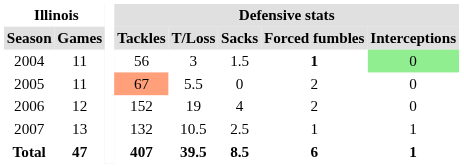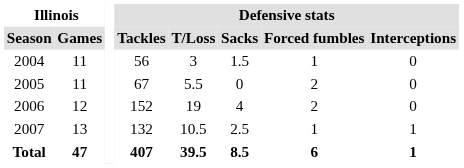 <table BORDER="0" CELLPADDING="3" CELLSPACING="0" ID="Table3" border="2">
 <tr ALIGN="center" bgcolor="#e0e0e0">
 <th ALIGN="center" colspan="2" bgcolor="#ffffff"> Illinois</th>
 <th ALIGN="center" rowspan="99" bgcolor="#ffffff"> </th>
 <th ALIGN="center" colspan="5">Defensive stats</th>
 </tr>
 <tr ALIGN="center" bgcolor="#e0e0e0">
 <th ALIGN="center">Season</th>
 <th ALIGN="center">Games</th>
 <th ALIGN="center">Tackles</th>
 <th ALIGN="center">T/Loss</th>
 <th ALIGN="center">Sacks</th>
 <th ALIGN="center">Forced fumbles</th>
 <th ALIGN="center">Interceptions</th>
 </tr>
 <tr ALIGN="center">
 <td ALIGN="center">2004</td>
 <td ALIGN="center">11</td>
 <td ALIGN="center">56</td>
 <td ALIGN="center">3</td>
 <td ALIGN="center">1.5</td>
-<td ALIGN="center"><strong>1</strong></td>
-<td ALIGN="center" style="background: lightgreen;">0</td>
+<td ALIGN="center">1</td>
+<td ALIGN="center">0</td>
 </tr>
 <tr ALIGN="center">
 <td ALIGN="center">2005</td>
 <td ALIGN="center">11</td>
-<td ALIGN="center" style="background: lightsalmon;">67</td>
+<td ALIGN="center">67</td>
 <td ALIGN="center">5.5</td>
 <td ALIGN="center">0</td>
 <td ALIGN="center">2</td>
 <td ALIGN="center">0</td>
 </tr>
 <tr ALIGN="center">
 <td ALIGN="center">2006</td>
 <td ALIGN="center">12</td>
 <td ALIGN="center">152</td>
 <td ALIGN="center">19</td>
 <td ALIGN="center">4</td>
 <td ALIGN="center">2</td>
 <td ALIGN="center">0</td>
 </tr>
 <tr ALIGN="center">
 <td ALIGN="center">2007</td>
 <td ALIGN="center">13</td>
 <td ALIGN="center">132</td>
 <td ALIGN="center">10.5</td>
 <td ALIGN="center">2.5</td>
 <td ALIGN="center">1</td>
 <td ALIGN="center">1</td>
 </tr>
 <tr ALIGN="center" bgcolor="#f0f0f0">
 </tr>
 <tr ALIGN="center">
 <td ALIGN="center"><strong>Total</strong></td>
 <td ALIGN="center"><strong>47</strong></td>
 <td ALIGN="center"><strong>407</strong></td>
 <td ALIGN="center"><strong>39.5</strong></td>
 <td ALIGN="center"><strong>8.5</strong></td>
 <td ALIGN="center"><strong>6</strong></td>
 <td ALIGN="center"><strong>1</strong></td>
 </tr>
 <tr ALIGN="center" bgcolor="#f0f0f0">
 </tr>
 </table>
